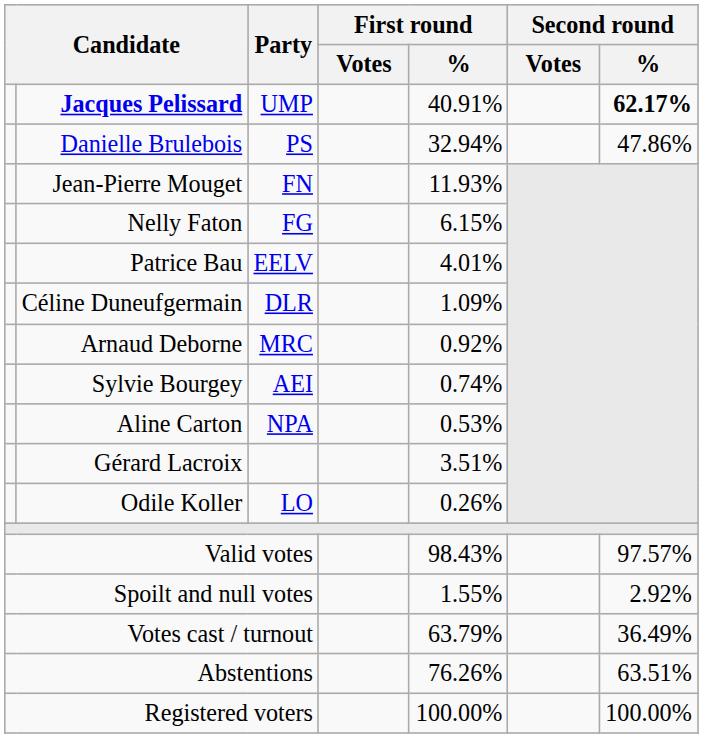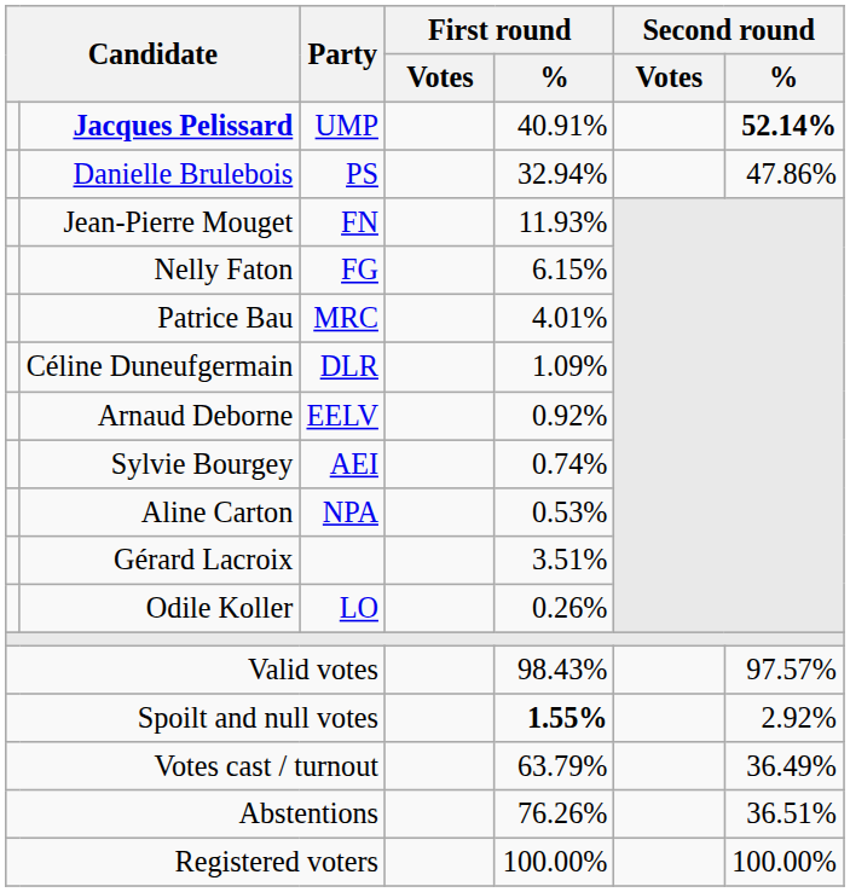 <table class="wikitable" style="text-align:right;font-size:95%;">
 <tr>
 <th rowspan=2 colspan=2>Candidate</th>
 <th rowspan=2 colspan=1>Party</th>
 <th colspan=2>First round</th>
 <th colspan=2>Second round</th>
 </tr>
 <tr>
 <th style="width:50px;">Votes</th>
 <th style="width:55px;">%</th>
 <th style="width:50px;">Votes</th>
 <th style="width:55px;">%</th>
 </tr>
 <tr>
 <td style="color:inherit;background-color:"></td>
 <td><strong><a href='#'>Jacques Pelissard</a></strong></td>
 <td><a href='#'>UMP</a></td>
 <td></td>
 <td>40.91%</td>
 <td><strong></strong></td>
-<td><strong>62.17%</strong></td>
+<td><strong>52.14%</strong></td>
 </tr>
 <tr>
 <td style="color:inherit;background-color:"></td>
 <td><a href='#'>Danielle Brulebois</a></td>
 <td><a href='#'>PS</a></td>
 <td></td>
 <td>32.94%</td>
 <td></td>
 <td>47.86%</td>
 </tr>
 <tr>
 <td style="color:inherit;background-color:"></td>
 <td>Jean-Pierre Mouget</td>
 <td><a href='#'>FN</a></td>
 <td></td>
 <td>11.93%</td>
 <td colspan=7 rowspan=9 style="background-color:#E9E9E9;"></td>
 </tr>
 <tr>
 <td style="color:inherit;background-color:"></td>
 <td>Nelly Faton</td>
 <td><a href='#'>FG</a></td>
 <td></td>
 <td>6.15%</td>
 </tr>
 <tr>
 <td style="color:inherit;background-color:"></td>
 <td>Patrice Bau</td>
-<td><a href='#'>EELV</a></td>
+<td><a href='#'>MRC</a></td>
 <td></td>
 <td>4.01%</td>
 </tr>
 <tr>
 <td style="color:inherit;background-color:"></td>
 <td>Céline Duneufgermain</td>
 <td><a href='#'>DLR</a></td>
 <td></td>
 <td>1.09%</td>
 </tr>
 <tr>
 <td style="color:inherit;background-color:"></td>
 <td>Arnaud Deborne</td>
-<td><a href='#'>MRC</a></td>
+<td><a href='#'>EELV</a></td>
 <td></td>
 <td>0.92%</td>
 </tr>
 <tr>
 <td style="color:inherit;background-color:"></td>
 <td>Sylvie Bourgey</td>
 <td><a href='#'>AEI</a></td>
 <td></td>
 <td>0.74%</td>
 </tr>
 <tr>
 <td style="color:inherit;background-color:"></td>
 <td>Aline Carton</td>
 <td><a href='#'>NPA</a></td>
 <td></td>
 <td>0.53%</td>
 </tr>
 <tr>
 <td style="background-color:;"></td>
 <td>Gérard Lacroix</td>
 <td></td>
 <td></td>
 <td>3.51%</td>
 </tr>
 <tr>
 <td style="color:inherit;background-color:"></td>
 <td>Odile Koller</td>
 <td><a href='#'>LO</a></td>
 <td></td>
 <td>0.26%</td>
 </tr>
 <tr>
 <td colspan=7 style="background-color:#E9E9E9;"></td>
 </tr>
 <tr>
 <td colspan=3>Valid votes</td>
 <td></td>
 <td>98.43%</td>
 <td></td>
 <td>97.57%</td>
 </tr>
 <tr>
 <td colspan=3>Spoilt and null votes</td>
 <td></td>
-<td>1.55%</td>
+<td><strong>1.55%</strong></td>
 <td></td>
 <td>2.92%</td>
 </tr>
 <tr>
 <td colspan=3>Votes cast / turnout</td>
 <td></td>
 <td>63.79%</td>
 <td></td>
 <td>36.49%</td>
 </tr>
 <tr>
 <td colspan=3>Abstentions</td>
 <td></td>
 <td>76.26%</td>
 <td></td>
-<td>63.51%</td>
+<td>36.51%</td>
 </tr>
 <tr>
 <td colspan=3>Registered voters</td>
 <td></td>
 <td>100.00%</td>
 <td></td>
 <td>100.00%</td>
 </tr>
 </table>
